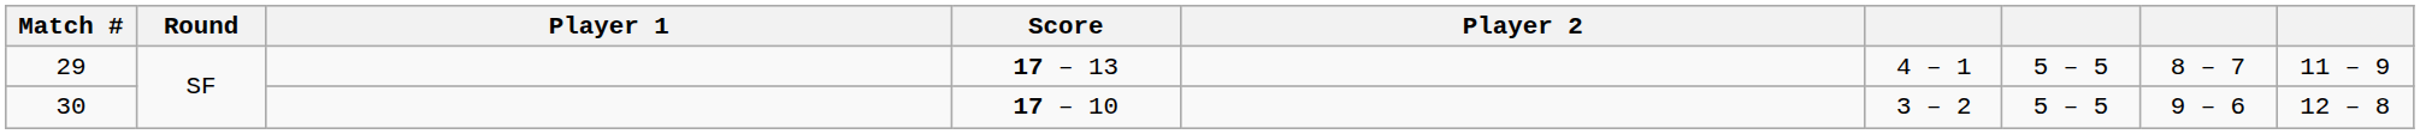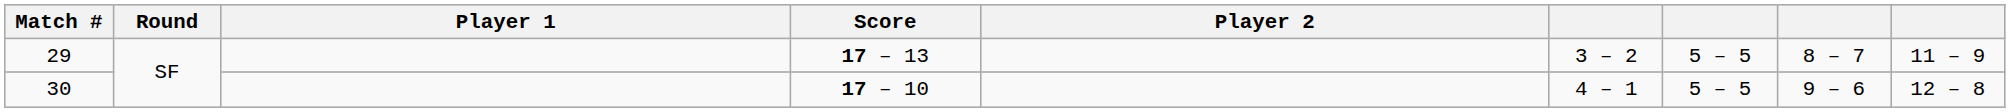 <table class="wikitable">
 <tr>
 <th width="2%">Match #</th>
 <th width="2%">Round</th>
 <th width="15%">Player 1</th>
 <th width="5%">Score</th>
 <th width="15%">Player 2</th>
 <th width="3%"></th>
 <th width="3%"></th>
 <th width="3%"></th>
 <th width="3%"></th>
 </tr>
 <tr style=text-align:center;"background:#;">
 <td>29</td>
 <td rowspan=2>SF</td>
 <td></td>
 <td><strong>17</strong> – 13</td>
 <td></td>
-<td>4 – 1</td>
+<td>3 – 2</td>
 <td>5 – 5</td>
 <td>8 – 7</td>
 <td>11 – 9</td>
 </tr>
 <tr style=text-align:center;"background:#;">
 <td>30</td>
 <td></td>
 <td><strong>17</strong> – 10</td>
 <td></td>
-<td>3 – 2</td>
+<td>4 – 1</td>
 <td>5 – 5</td>
 <td>9 – 6</td>
 <td>12 – 8</td>
 </tr>
 </table>
